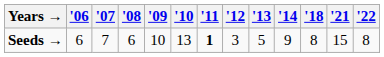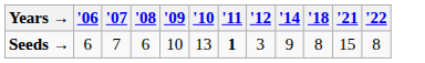 <table class="wikitable">
 <tr>
 <th>Years →</th>
 <th><a href='#'>'06</a></th>
 <th><a href='#'>'07</a></th>
 <th><a href='#'>'08</a></th>
 <th><a href='#'>'09</a></th>
 <th><a href='#'>'10</a></th>
 <th><a href='#'>'11</a></th>
 <th><a href='#'>'12</a></th>
-<th><a href='#'>'13</a></th>
 <th><a href='#'>'14</a></th>
 <th><a href='#'>'18</a></th>
 <th><a href='#'>'21</a></th>
 <th><a href='#'>'22</a></th>
 </tr>
 <tr align=center>
 <td style="text-align:left; "><strong>Seeds →</strong></td>
 <td>6</td>
 <td>7</td>
 <td>6</td>
 <td>10</td>
 <td>13</td>
 <td><strong>1</strong></td>
 <td>3</td>
-<td>5</td>
 <td>9</td>
 <td>8</td>
 <td>15</td>
 <td>8</td>
 </tr>
 </table>
